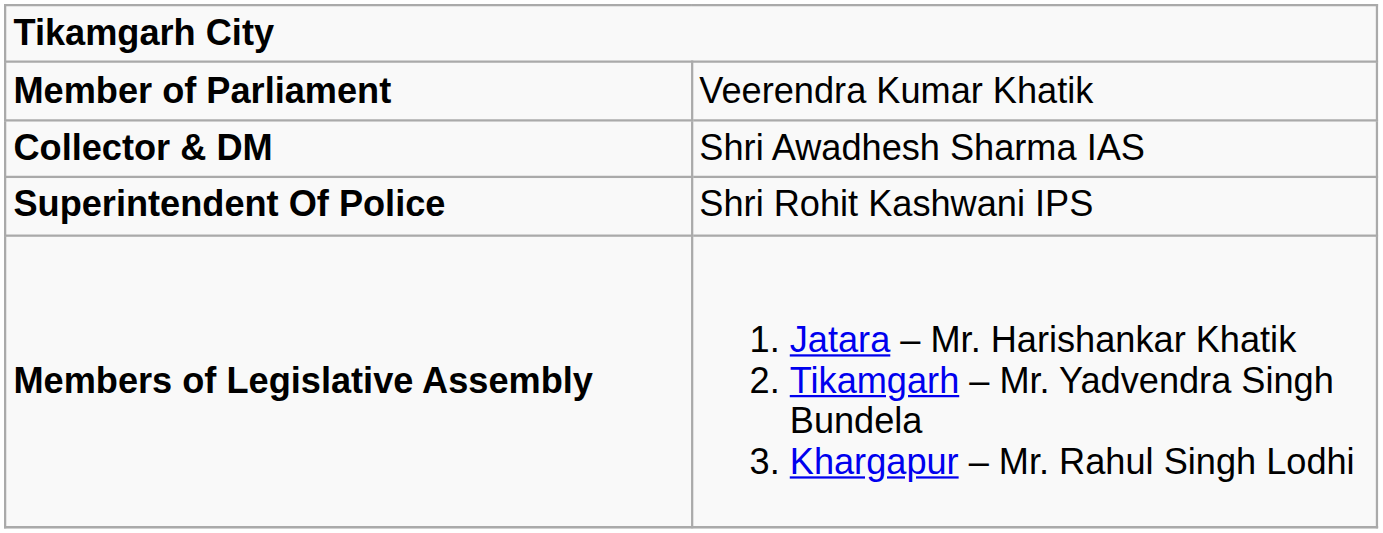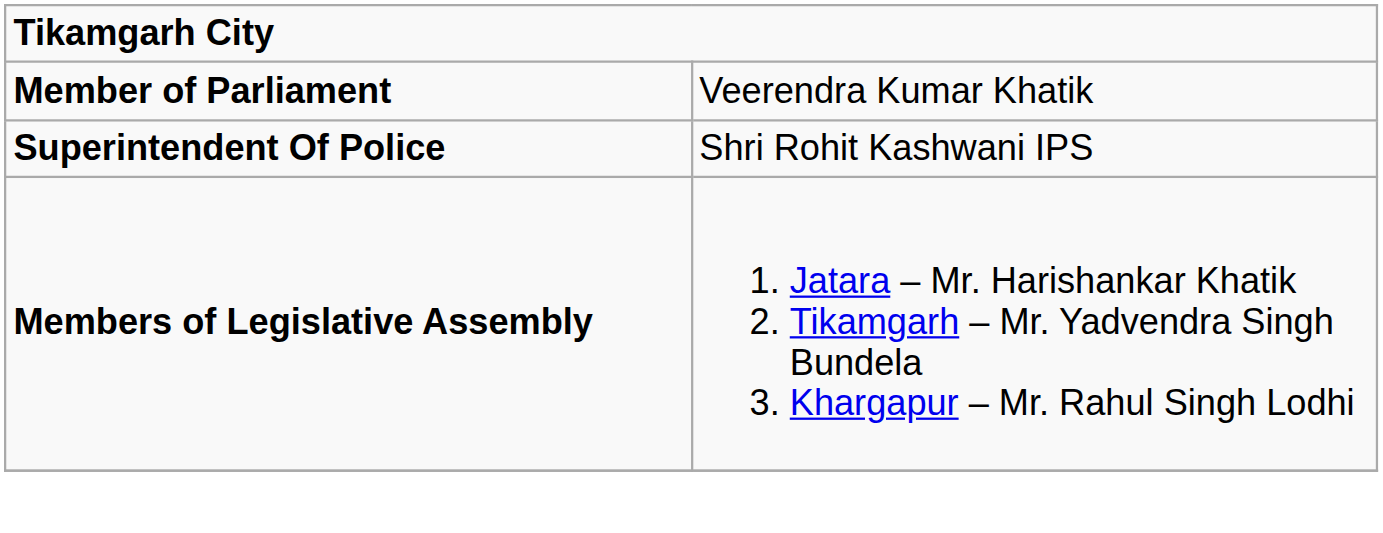 <table class="wikitable">
 <tr>
 <td colspan="2" bgcolour="#C2D6E5" style="text-align:left;"><strong>Tikamgarh City</strong></td>
 </tr>
 <tr>
 <td style="width:50%;"><strong>Member of Parliament</strong></td>
 <td>Veerendra Kumar Khatik</td>
-</tr>
-<tr>
-<td><strong>Collector & DM</strong></td>
-<td>Shri Awadhesh Sharma IAS </td>
 </tr>
 <tr>
 <td><strong>Superintendent Of Police</strong></td>
 <td>Shri Rohit Kashwani IPS</td>
 </tr>
 <tr>
 <td><strong>Members of Legislative Assembly</strong></td>
 <td><br><ol><li><a href='#'>Jatara</a> – Mr. Harishankar Khatik</li><li><a href='#'>Tikamgarh</a> – Mr. Yadvendra Singh Bundela</li><li><a href='#'>Khargapur</a> – Mr. Rahul Singh Lodhi</li></ol></td>
 </tr>
 <tr>
 </tr>
 </table>
